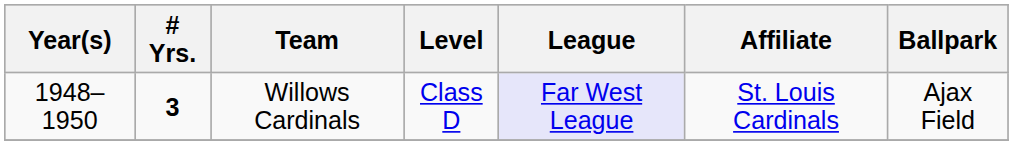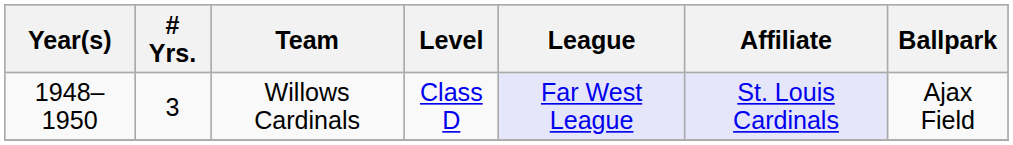 <table class="wikitable" style="text-align:center; font-size: 95%;">
 <tr>
 <th>Year(s)</th>
 <th># Yrs.</th>
 <th>Team</th>
 <th>Level</th>
 <th>League</th>
 <th>Affiliate</th>
 <th>Ballpark</th>
 </tr>
 <tr>
 <td>1948–1950</td>
-<td><strong>3</strong></td>
+<td>3</td>
 <td>Willows Cardinals</td>
 <td><a href='#'>Class D</a></td>
 <td style="background: lavender;"><a href='#'>Far West League</a></td>
-<td><a href='#'>St. Louis Cardinals</a></td>
+<td style="background: lavender;"><a href='#'>St. Louis Cardinals</a></td>
 <td>Ajax Field</td>
 </tr>
 <tr>
 </tr>
 </table>
